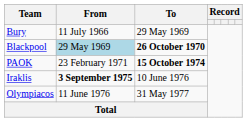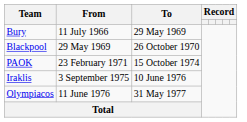 <table class="wikitable" style="text-align: center">
 <tr>
 <th rowspan=2>Team</th>
 <th rowspan=2>From</th>
 <th rowspan=2>To</th>
 <th colspan=5>Record</th>
 </tr>
 <tr>
 <th></th>
 <th></th>
 <th></th>
 <th></th>
 <th></th>
 </tr>
 <tr>
 <td align="left"><a href='#'>Bury</a></td>
 <td align="left">11 July 1966</td>
 <td align=left>29 May 1969<br></td>
 </tr>
 <tr>
 <td align="left"><a href='#'>Blackpool</a></td>
-<td align="left" style="background: lightblue;">29 May 1969</td>
-<td align=left><strong>26 October 1970<br></strong></td>
+<td align="left">29 May 1969</td>
+<td align=left>26 October 1970<br></td>
 </tr>
 <tr>
 <td align="left"><a href='#'>PAOK</a></td>
 <td align="left">23 February 1971</td>
-<td align=left><strong>15 October 1974<br></strong></td>
+<td align=left>15 October 1974<br></td>
 </tr>
 <tr>
 <td align="left"><a href='#'>Iraklis</a></td>
-<td align="left"><strong>3 September 1975</strong></td>
+<td align="left">3 September 1975</td>
 <td align=left>10 June 1976<br></td>
 </tr>
 <tr>
 <td align="left"><a href='#'>Olympiacos</a></td>
 <td align="left">11 June 1976</td>
 <td align=left>31 May 1977<br></td>
 </tr>
 <tr>
 <th colspan="3">Total<br></th>
 </tr>
 </table>
